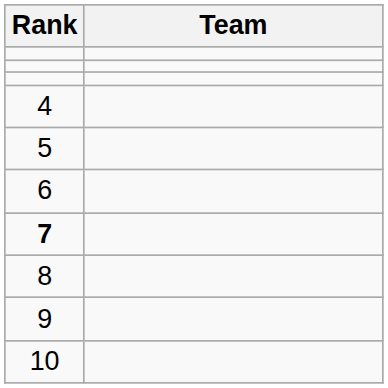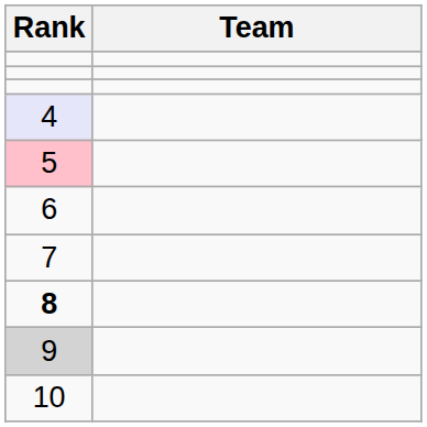 <table class="wikitable" style="text-align: center;">
 <tr>
 <th width=40>Rank</th>
 <th width=170>Team</th>
 </tr>
 <tr>
 <td></td>
 <td align="left"></td>
 </tr>
 <tr>
 <td></td>
 <td align="left"></td>
 </tr>
 <tr>
 <td></td>
 <td align="left"></td>
 </tr>
 <tr>
-<td>4</td>
+<td style="background: lavender;">4</td>
 <td align="left"></td>
 </tr>
 <tr>
-<td>5</td>
+<td style="background: pink;">5</td>
 <td align="left"></td>
 </tr>
 <tr>
 <td>6</td>
 <td align="left"></td>
 </tr>
 <tr>
-<td><strong>7</strong></td>
+<td>7</td>
 <td align="left"></td>
 </tr>
 <tr>
-<td>8</td>
+<td><strong>8</strong></td>
 <td align="left"></td>
 </tr>
 <tr>
-<td>9</td>
+<td style="background: lightgrey;">9</td>
 <td align="left"></td>
 </tr>
 <tr>
 <td>10</td>
 <td align="left"></td>
 </tr>
 </table>
